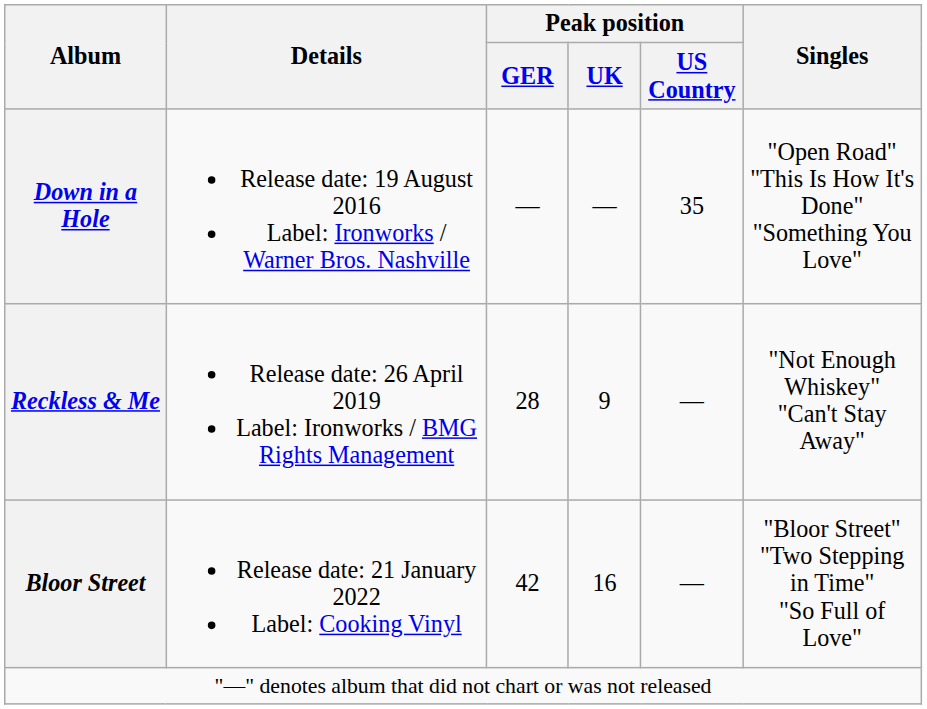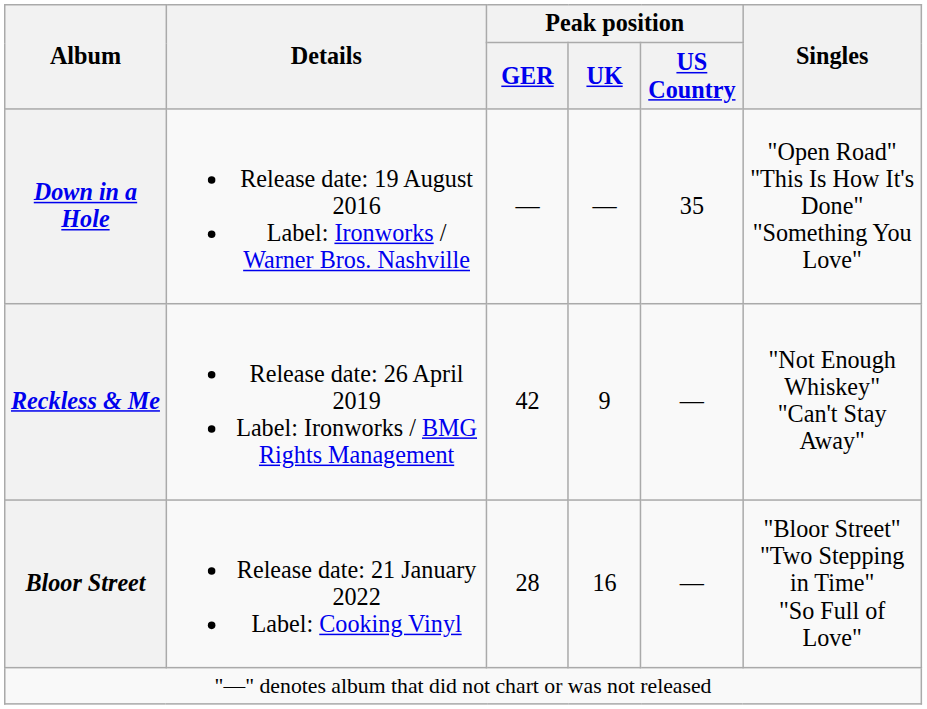 <table class="wikitable plainrowheaders" style="text-align:center;">
 <tr>
 <th rowspan="2" style="width:10em;">Album</th>
 <th rowspan="2" style="width:20em;">Details</th>
 <th colspan="3">Peak position</th>
 <th rowspan="2" style="width:10em;">Singles</th>
 </tr>
 <tr>
 <th style="width:4em;"><a href='#'>GER</a><br></th>
 <th style="width:4em;"><a href='#'>UK</a><br></th>
 <th style="width:4em;"><a href='#'>US Country</a></th>
 </tr>
 <tr>
 <th scope="row"><em><a href='#'>Down in a Hole</a></em></th>
 <td><br><ul><li>Release date: 19 August 2016</li><li>Label: <a href='#'>Ironworks</a> / <a href='#'>Warner Bros. Nashville</a></li></ul></td>
 <td>—</td>
 <td>—</td>
 <td>35</td>
 <td>"Open Road"<br>"This Is How It's Done"<br>"Something You Love"</td>
 </tr>
 <tr>
 <th scope="row"><em><a href='#'>Reckless & Me</a></em></th>
 <td><br><ul><li>Release date: 26 April 2019</li><li>Label: Ironworks / <a href='#'>BMG Rights Management</a></li></ul></td>
-<td>28</td>
+<td>42</td>
 <td>9</td>
 <td>—</td>
 <td>"Not Enough Whiskey"<br>"Can't Stay Away"</td>
 </tr>
 <tr>
 <th scope="row"><em>Bloor Street</em></th>
 <td><br><ul><li>Release date: 21 January 2022</li><li>Label: <a href='#'>Cooking Vinyl</a></li></ul></td>
-<td>42</td>
+<td>28</td>
 <td>16</td>
 <td>—</td>
 <td>"Bloor Street"<br>"Two Stepping in Time"<br>"So Full of Love"</td>
 </tr>
 <tr>
 <td colspan="6" style="text-align:center; font-size:90%;">"—" denotes album that did not chart or was not released</td>
 </tr>
 </table>
